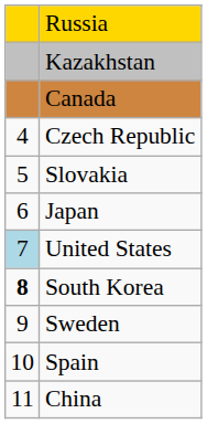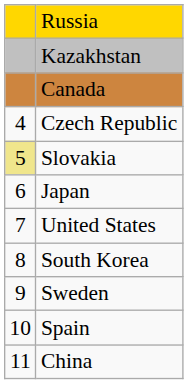 <table class="wikitable">
 <tr style="background:gold;">
 <td align=center></td>
 <td> Russia</td>
 </tr>
 <tr style="background:silver;">
 <td align=center></td>
 <td> Kazakhstan</td>
 </tr>
 <tr style="background:peru;">
 <td align=center></td>
 <td> Canada</td>
 </tr>
 <tr>
 <td align=center>4</td>
 <td> Czech Republic</td>
 </tr>
 <tr>
-<td align=center>5</td>
+<td align=center style="background: khaki;">5</td>
 <td> Slovakia</td>
 </tr>
 <tr>
 <td align=center>6</td>
 <td> Japan</td>
 </tr>
 <tr>
-<td align=center style="background: lightblue;">7</td>
+<td align=center>7</td>
 <td> United States</td>
 </tr>
 <tr>
-<td align=center><strong>8</strong></td>
+<td align=center>8</td>
 <td> South Korea</td>
 </tr>
 <tr>
 <td align=center>9</td>
 <td> Sweden</td>
 </tr>
 <tr>
 <td align=center>10</td>
 <td> Spain</td>
 </tr>
 <tr>
 <td align=center>11</td>
 <td> China</td>
 </tr>
 </table>
